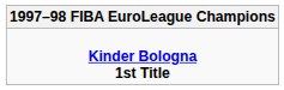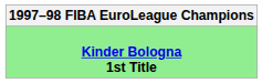 <table class=wikitable style="text-align:center; margin:auto">
 <tr>
 <th>1997–98 FIBA EuroLeague Champions</th>
 </tr>
 <tr>
-<td><br> <strong><a href='#'>Kinder Bologna</a></strong> <br> <strong>1st Title</strong></td>
+<td style="background: lightgreen;"><br> <strong><a href='#'>Kinder Bologna</a></strong> <br> <strong>1st Title</strong></td>
 </tr>
 </table>
